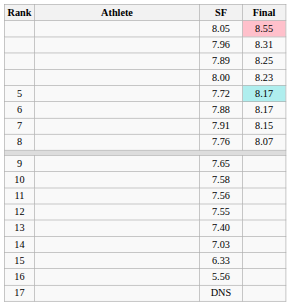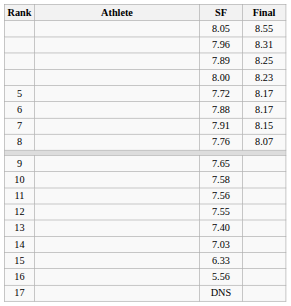 <table class=wikitable style="text-align:center">
 <tr>
 <th width=40>Rank</th>
 <th width=250>Athlete</th>
 <th width=60>SF</th>
 <th width=60>Final</th>
 </tr>
 <tr>
 <td></td>
 <td align=left></td>
 <td>8.05</td>
-<td style="background: pink;">8.55</td>
+<td>8.55</td>
 </tr>
 <tr>
 <td></td>
 <td align=left></td>
 <td>7.96</td>
 <td>8.31</td>
 </tr>
 <tr>
 <td></td>
 <td align=left></td>
 <td>7.89</td>
 <td>8.25</td>
 </tr>
 <tr>
 <td></td>
 <td align=left></td>
 <td>8.00</td>
 <td>8.23</td>
 </tr>
 <tr>
 <td>5</td>
 <td align=left></td>
 <td>7.72</td>
-<td style="background: paleturquoise;">8.17</td>
+<td>8.17</td>
 </tr>
 <tr>
 <td>6</td>
 <td align=left></td>
 <td>7.88</td>
 <td>8.17</td>
 </tr>
 <tr>
 <td>7</td>
 <td align=left></td>
 <td>7.91</td>
 <td>8.15</td>
 </tr>
 <tr>
 <td>8</td>
 <td align=left></td>
 <td>7.76</td>
 <td>8.07</td>
 </tr>
 <tr bgcolor=#DDDDDD>
 <td colspan=4></td>
 </tr>
 <tr>
 <td>9</td>
 <td align=left></td>
 <td>7.65</td>
 <td></td>
 </tr>
 <tr>
 <td>10</td>
 <td align=left></td>
 <td>7.58</td>
 <td></td>
 </tr>
 <tr>
 <td>11</td>
 <td align=left></td>
 <td>7.56</td>
 <td></td>
 </tr>
 <tr>
 <td>12</td>
 <td align=left></td>
 <td>7.55</td>
 <td></td>
 </tr>
 <tr>
 <td>13</td>
 <td align=left></td>
 <td>7.40</td>
 <td></td>
 </tr>
 <tr>
 <td>14</td>
 <td align=left></td>
 <td>7.03</td>
 <td></td>
 </tr>
 <tr>
 <td>15</td>
 <td align=left></td>
 <td>6.33</td>
 <td></td>
 </tr>
 <tr>
 <td>16</td>
 <td align=left></td>
 <td>5.56</td>
 <td></td>
 </tr>
 <tr>
 <td>17</td>
 <td align=left></td>
 <td>DNS</td>
 <td></td>
 </tr>
 </table>
